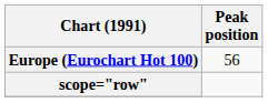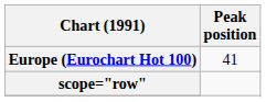 <table class="wikitable sortable plainrowheaders">
 <tr>
 <th>Chart (1991)</th>
 <th>Peak<br>position</th>
 </tr>
 <tr>
 <th scope="row">Europe (<a href='#'>Eurochart Hot 100</a>)</th>
-<td align="center">56</td>
+<td align="center">41</td>
 </tr>
 <tr>
 <th>scope="row"</th>
 </tr>
 <tr>
 </tr>
 </table>
